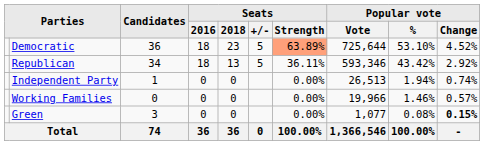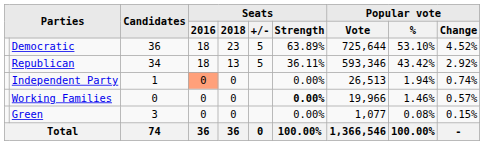 <table class=wikitable>
 <tr>
 <th style="background-color:#E9E9E9" align=center rowspan= 2 colspan=2>Parties</th>
 <th style="background-color:#E9E9E9" align=center rowspan= 2>Candidates</th>
 <th style="background-color:#E9E9E9" align=center colspan=4>Seats</th>
 <th style="background-color:#E9E9E9" align=center colspan=3>Popular vote</th>
 </tr>
 <tr>
 <th align=center>2016</th>
 <th align=center>2018</th>
 <th align=center>+/-</th>
 <th align=center>Strength</th>
 <th align=center>Vote</th>
 <th align=center>%</th>
 <th align=center>Change</th>
 </tr>
 <tr>
 <td></td>
 <td align=left><a href='#'>Democratic</a></td>
 <td align=center>36</td>
 <td align=center >18</td>
 <td align=center >23</td>
 <td align=center> 5</td>
-<td align=right  style="background: lightsalmon;">63.89%</td>
+<td align=right >63.89%</td>
 <td align=right >725,644</td>
 <td align=right >53.10%</td>
 <td align=right> 4.52%</td>
 </tr>
 <tr>
 <td></td>
 <td align=left><a href='#'>Republican</a></td>
 <td align=center>34</td>
 <td align=center >18</td>
 <td align=center>13</td>
 <td align=center> 5</td>
 <td align=right>36.11%</td>
 <td align=right>593,346</td>
 <td align=right>43.42%</td>
 <td align=right> 2.92%</td>
 </tr>
 <tr>
 <td></td>
 <td><a href='#'>Independent Party</a></td>
 <td align=center>1</td>
-<td align=center>0</td>
+<td align=center style="background: lightsalmon;">0</td>
 <td align=center>0</td>
 <td align=center><br></td>
 <td align=right>0.00%</td>
 <td align=right>26,513</td>
 <td align=right>1.94%</td>
 <td align=right> 0.74%</td>
 </tr>
 <tr>
 <td></td>
 <td align=left><a href='#'>Working Families</a></td>
 <td align=center>0</td>
 <td align=center>0</td>
 <td align=center>0</td>
 <td align=center><br></td>
-<td align=right>0.00%</td>
+<td align=right><strong>0.00%</strong></td>
 <td align=right>19,966</td>
 <td align=right>1.46%</td>
 <td align=right> 0.57%</td>
 </tr>
 <tr>
 <td></td>
 <td align=left><a href='#'>Green</a></td>
 <td align=center>3</td>
 <td align=center>0</td>
 <td align=center>0</td>
 <td align=center><br></td>
 <td align=right>0.00%</td>
 <td align=right>1,077</td>
 <td align=right>0.08%</td>
-<td align=right><strong> 0.15%</strong></td>
+<td align=right> 0.15%</td>
 </tr>
 <tr>
 <th align=center colspan="2">Total</th>
 <th align=center>74</th>
 <th align=center>36</th>
 <th align=center>36</th>
 <th align=center>0</th>
 <th align=center>100.00%</th>
 <th align=center>1,366,546</th>
 <th align=center>100.00%</th>
 <th align=center>-</th>
 </tr>
 </table>
